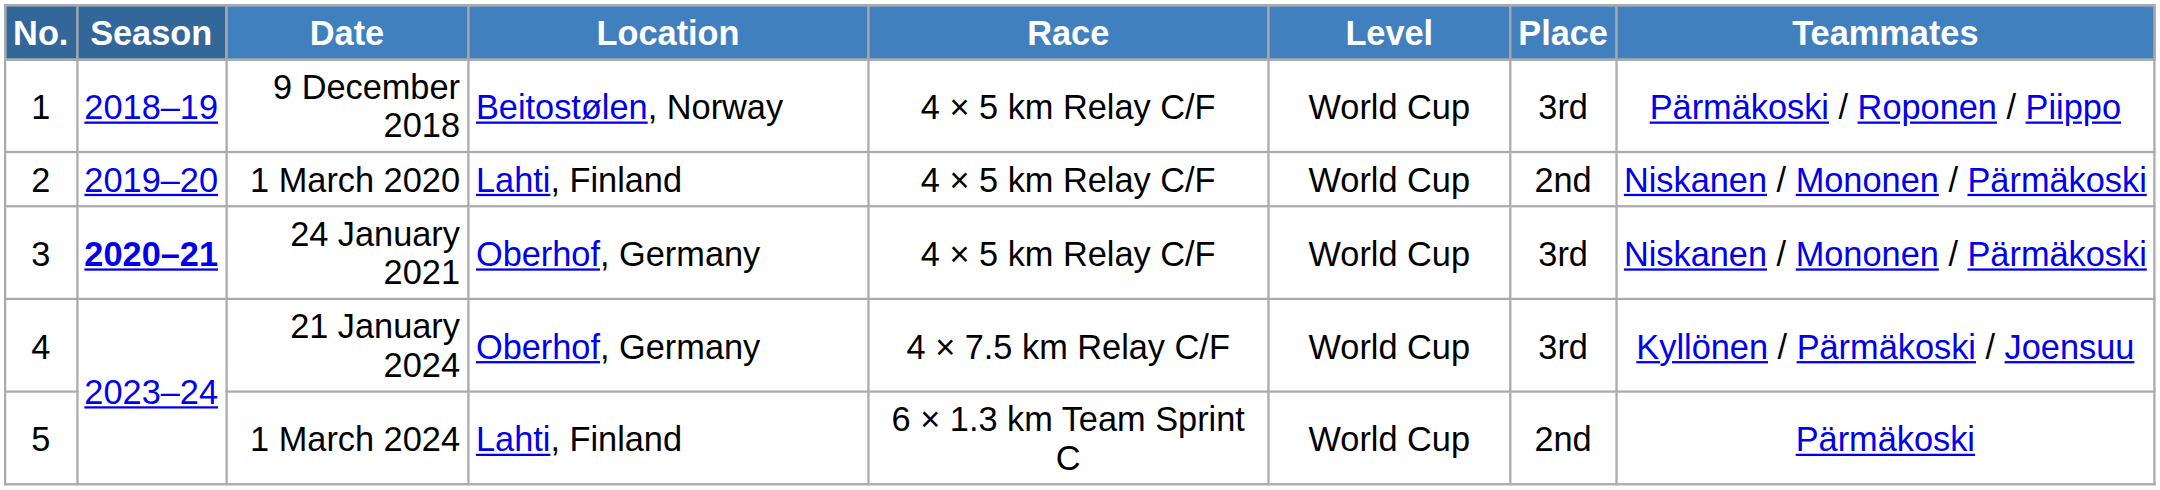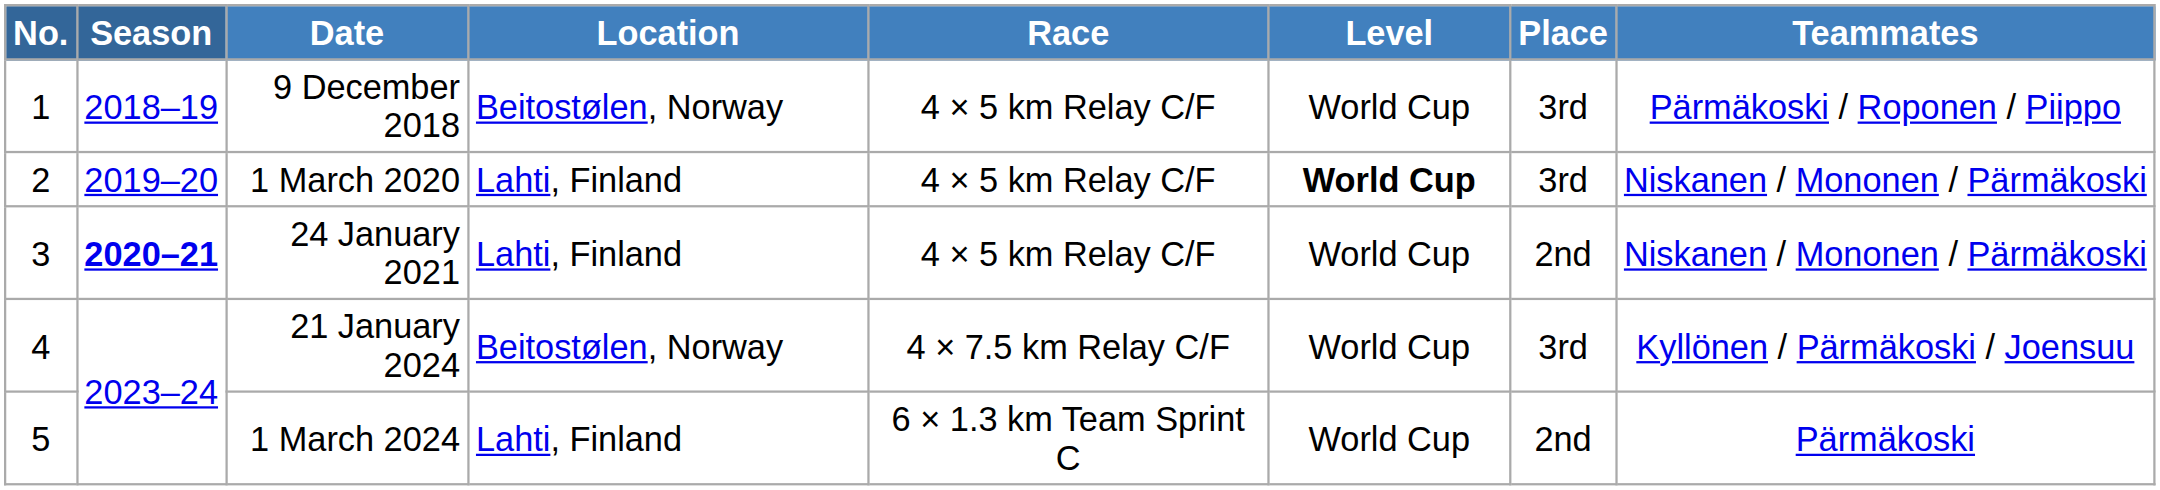 <table class="wikitable sortable" style="font-size:95%; text-align:center; border:grey solid 1px; border-collapse:collapse; background:#ffffff;">
 <tr style="background:#efefef;">
 <th style="background-color:#369; color:white;">No.</th>
 <th style="background-color:#369; color:white;">Season</th>
 <th style="background-color:#4180be; color:white; width:100px;">Date</th>
 <th style="background-color:#4180be; color:white; width:170px;">Location</th>
 <th style="background-color:#4180be; color:white; width:170px;">Race</th>
 <th style="background-color:#4180be; color:white; width:100px;">Level</th>
 <th style="background-color:#4180be; color:white;">Place</th>
 <th style="background-color:#4180be; color:white;">Teammates</th>
 </tr>
 <tr>
 <td align=center>1</td>
 <td rowspan=1 align=center><a href='#'>2018–19</a></td>
 <td align=right>9 December 2018</td>
 <td align=left> <a href='#'>Beitostølen</a>, Norway</td>
 <td>4 × 5 km Relay C/F</td>
 <td>World Cup</td>
 <td>3rd</td>
 <td><a href='#'>Pärmäkoski</a> / <a href='#'>Roponen</a> / <a href='#'>Piippo</a></td>
 </tr>
 <tr>
 <td align=center>2</td>
 <td rowspan=1 align=center><a href='#'>2019–20</a></td>
 <td align=right>1 March 2020</td>
 <td align=left> <a href='#'>Lahti</a>, Finland</td>
 <td>4 × 5 km Relay C/F</td>
-<td>World Cup</td>
-<td>2nd</td>
+<td><strong>World Cup</strong></td>
+<td>3rd</td>
 <td><a href='#'>Niskanen</a> / <a href='#'>Mononen</a> / <a href='#'>Pärmäkoski</a></td>
 </tr>
 <tr>
 <td align=center>3</td>
 <td rowspan=1 align=center><strong><a href='#'>2020–21</a></strong></td>
 <td align=right>24 January 2021</td>
-<td align=left> <a href='#'>Oberhof</a>, Germany</td>
+<td align=left> <a href='#'>Lahti</a>, Finland</td>
 <td>4 × 5 km Relay C/F</td>
 <td>World Cup</td>
-<td>3rd</td>
+<td>2nd</td>
 <td><a href='#'>Niskanen</a> / <a href='#'>Mononen</a> / <a href='#'>Pärmäkoski</a></td>
 </tr>
 <tr>
 <td align=center>4</td>
 <td rowspan=2 align=center><a href='#'>2023–24</a></td>
 <td align=right>21 January 2024</td>
-<td align=left> <a href='#'>Oberhof</a>, Germany</td>
+<td align=left> <a href='#'>Beitostølen</a>, Norway</td>
 <td>4 × 7.5 km Relay C/F</td>
 <td>World Cup</td>
 <td>3rd</td>
 <td><a href='#'>Kyllönen</a> / <a href='#'>Pärmäkoski</a> / <a href='#'>Joensuu</a></td>
 </tr>
 <tr>
 <td align=center>5</td>
 <td align=right>1 March 2024</td>
 <td align=left> <a href='#'>Lahti</a>, Finland</td>
 <td>6 × 1.3 km Team Sprint C</td>
 <td>World Cup</td>
 <td>2nd</td>
 <td><a href='#'>Pärmäkoski</a></td>
 </tr>
 </table>
